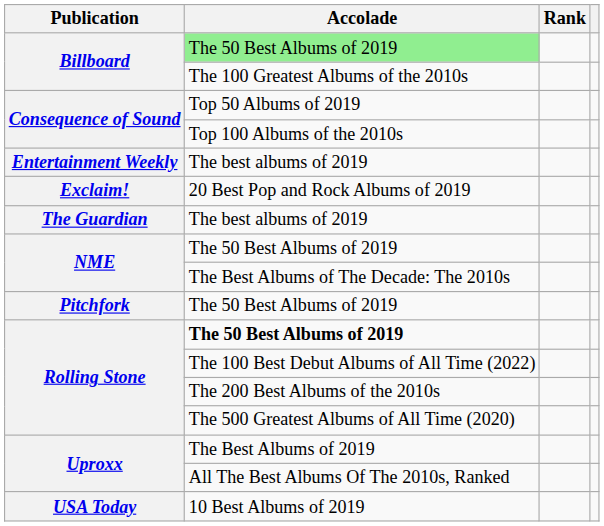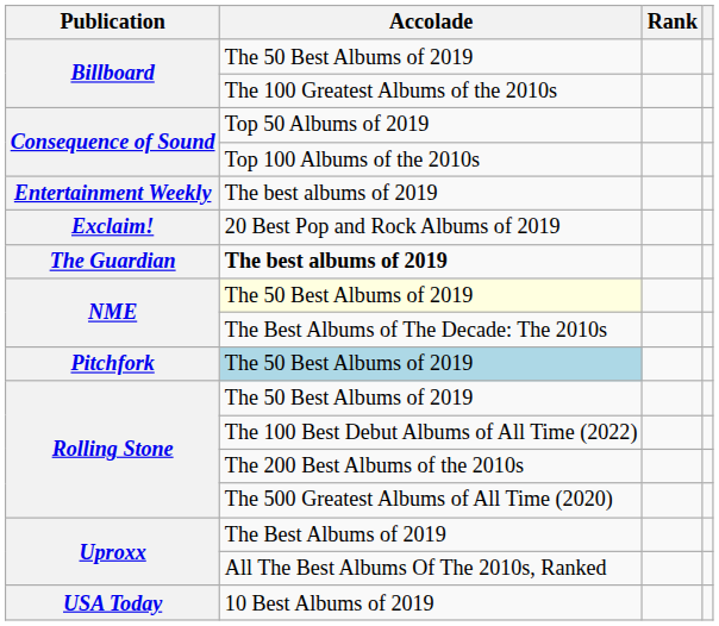 <table class="wikitable sortable plainrowheaders">
 <tr>
 <th scope="col">Publication</th>
 <th scope="col">Accolade</th>
 <th scope="col">Rank</th>
 <th scope="col" class="unsortable"></th>
 </tr>
 <tr>
 <th scope="row" rowspan="2"><em><a href='#'>Billboard</a></em></th>
-<td style="background: lightgreen;">The 50 Best Albums of 2019</td>
+<td>The 50 Best Albums of 2019</td>
 <td></td>
 <td></td>
 </tr>
 <tr>
 <td>The 100 Greatest Albums of the 2010s</td>
 <td></td>
 <td></td>
 </tr>
 <tr>
 <th scope="row" rowspan="2"><em><a href='#'>Consequence of Sound</a></em></th>
 <td>Top 50 Albums of 2019</td>
 <td></td>
 <td></td>
 </tr>
 <tr>
 <td>Top 100 Albums of the 2010s</td>
 <td></td>
 <td></td>
 </tr>
 <tr>
 <th scope="row"><em><a href='#'>Entertainment Weekly</a></em></th>
 <td>The best albums of 2019</td>
 <td></td>
 <td></td>
 </tr>
 <tr>
 <th scope="row"><em><a href='#'>Exclaim!</a></em></th>
 <td>20 Best Pop and Rock Albums of 2019</td>
 <td></td>
 <td></td>
 </tr>
 <tr>
 <th scope="row"><em><a href='#'>The Guardian</a></em></th>
-<td>The best albums of 2019</td>
+<td><strong>The best albums of 2019</strong></td>
 <td></td>
 <td></td>
 </tr>
 <tr>
 <th scope="row" rowspan="2"><em><a href='#'>NME</a></em></th>
-<td>The 50 Best Albums of 2019</td>
+<td style="background: lightyellow;">The 50 Best Albums of 2019</td>
 <td></td>
 <td></td>
 </tr>
 <tr>
 <td>The Best Albums of The Decade: The 2010s</td>
 <td></td>
 <td></td>
 </tr>
 <tr>
 <th scope="row"><em><a href='#'>Pitchfork</a></em></th>
-<td>The 50 Best Albums of 2019</td>
+<td style="background: lightblue;">The 50 Best Albums of 2019</td>
 <td></td>
 <td></td>
 </tr>
 <tr>
 <th scope="row" rowspan="4"><em><a href='#'>Rolling Stone</a></em></th>
-<td><strong>The 50 Best Albums of 2019</strong></td>
+<td>The 50 Best Albums of 2019</td>
 <td></td>
 <td></td>
 </tr>
 <tr>
 <td>The 100 Best Debut Albums of All Time (2022)</td>
 <td></td>
 <td></td>
 </tr>
 <tr>
 <td>The 200 Best Albums of the 2010s</td>
 <td></td>
 <td></td>
 </tr>
 <tr>
 <td>The 500 Greatest Albums of All Time (2020)</td>
 <td></td>
 <td></td>
 </tr>
 <tr>
 <th scope="row" rowspan="2"><em><a href='#'>Uproxx</a></em></th>
 <td>The Best Albums of 2019</td>
 <td></td>
 <td></td>
 </tr>
 <tr>
 <td>All The Best Albums Of The 2010s, Ranked</td>
 <td></td>
 <td></td>
 </tr>
 <tr>
 <th scope="row"><em><a href='#'>USA Today</a></em></th>
 <td>10 Best Albums of 2019</td>
 <td></td>
 <td></td>
 </tr>
 </table>
